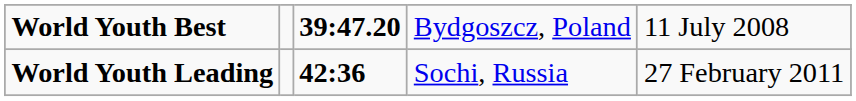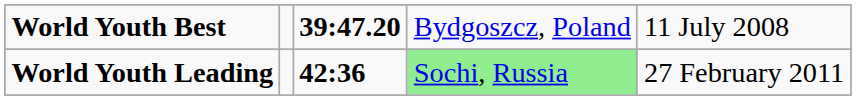 <table class="wikitable">
 <tr>
 <td><strong>World Youth Best</strong></td>
 <td></td>
 <td><strong>39:47.20</strong></td>
 <td><a href='#'>Bydgoszcz</a>, <a href='#'>Poland</a></td>
 <td>11 July 2008</td>
 </tr>
 <tr>
 <td><strong>World Youth Leading</strong></td>
 <td></td>
 <td><strong>42:36</strong></td>
-<td><a href='#'>Sochi</a>, <a href='#'>Russia</a></td>
+<td style="background: lightgreen;"><a href='#'>Sochi</a>, <a href='#'>Russia</a></td>
 <td>27 February 2011</td>
 </tr>
 </table>
